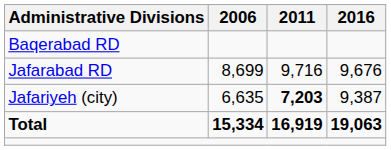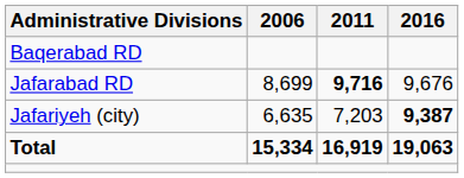 <table class="wikitable">
 <tr>
 <th>Administrative Divisions</th>
 <th>2006</th>
 <th>2011</th>
 <th>2016</th>
 </tr>
 <tr>
 <td><a href='#'>Baqerabad RD</a></td>
 <td style="text-align: right;"></td>
 <td style="text-align: right;"></td>
 <td style="text-align: right;"></td>
 </tr>
 <tr>
 <td><a href='#'>Jafarabad RD</a></td>
 <td style="text-align: right;">8,699</td>
-<td style="text-align: right;">9,716</td>
+<td style="text-align: right;"><strong>9,716</strong></td>
 <td style="text-align: right;">9,676</td>
 </tr>
 <tr>
 <td><a href='#'>Jafariyeh</a> (city)</td>
 <td style="text-align: right;">6,635</td>
-<td style="text-align: right;"><strong>7,203</strong></td>
-<td style="text-align: right;">9,387</td>
+<td style="text-align: right;">7,203</td>
+<td style="text-align: right;"><strong>9,387</strong></td>
 </tr>
 <tr>
 <td><strong>Total</strong></td>
 <td style="text-align: right;"><strong>15,334</strong></td>
 <td style="text-align: right;"><strong>16,919</strong></td>
 <td style="text-align: right;"><strong>19,063</strong></td>
 </tr>
 <tr>
 <td colspan=4></td>
 </tr>
 </table>
